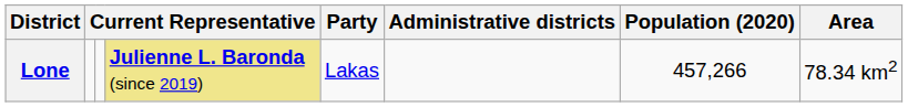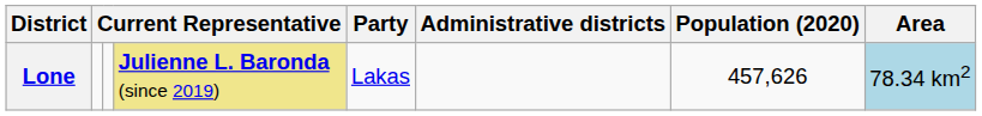 <table class="wikitable sortable" style="margin: 1em auto; font-size:100%; line-height:20px; text-align:center">
 <tr>
 <th>District</th>
 <th colspan="3">Current Representative</th>
 <th>Party</th>
 <th>Administrative districts</th>
 <th>Population (2020)</th>
 <th>Area</th>
 </tr>
 <tr>
 <th><a href='#'>Lone</a></th>
 <td style="background:"></td>
 <td></td>
 <td style="background: khaki; text-align:left;"><strong><a href='#'>Julienne L. Baronda</a>	</strong><br><small>(since <a href='#'>2019</a>)</small></td>
 <td><a href='#'>Lakas</a></td>
 <td></td>
-<td>457,266</td>
-<td>78.34 km<sup>2</sup></td>
+<td>457,626</td>
+<td style="background: lightblue;">78.34 km<sup>2</sup></td>
 </tr>
 </table>
